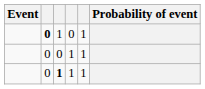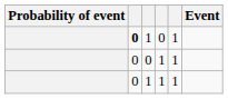 <table class="wikitable">
 <tr>
-<th>Event</th>
+<th>Probability of event</th>
 <th></th>
 <th></th>
 <th></th>
 <th></th>
-<th>Probability of event</th>
+<th>Event</th>
 </tr>
 <tr>
-<td></td>
+<th></th>
 <td><strong>0</strong></td>
 <td>1</td>
 <td>0</td>
 <td>1</td>
-<th></th>
+<td></td>
 </tr>
 <tr>
-<td></td>
+<th></th>
 <td>0</td>
 <td>0</td>
 <td>1</td>
 <td>1</td>
-<th></th>
+<td></td>
 </tr>
 <tr>
-<td></td>
+<th></th>
 <td>0</td>
-<td><strong>1</strong></td>
 <td>1</td>
 <td>1</td>
-<th></th>
+<td>1</td>
+<td></td>
 </tr>
 </table>
